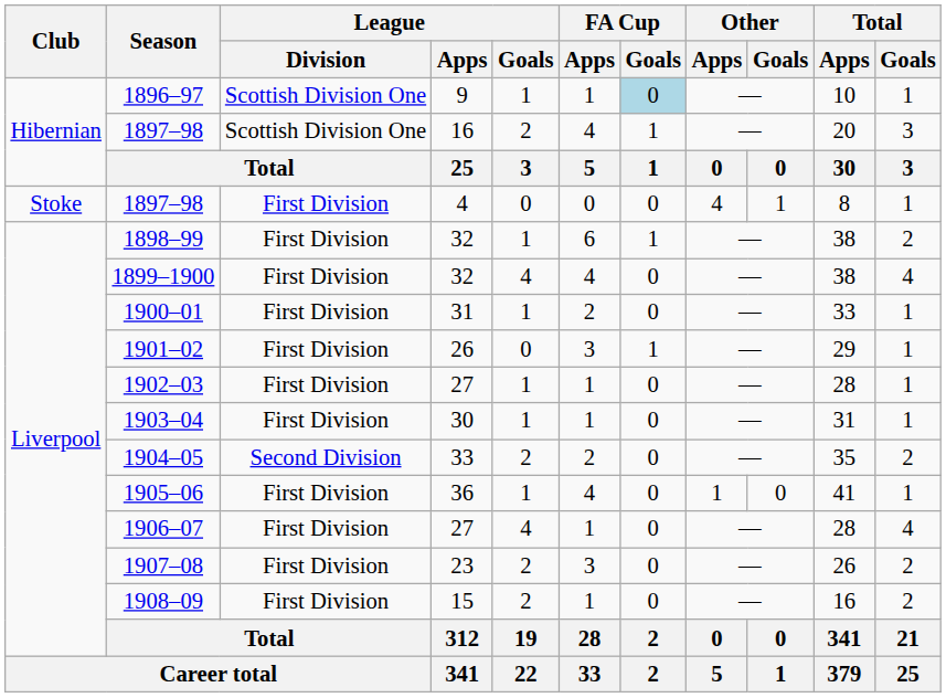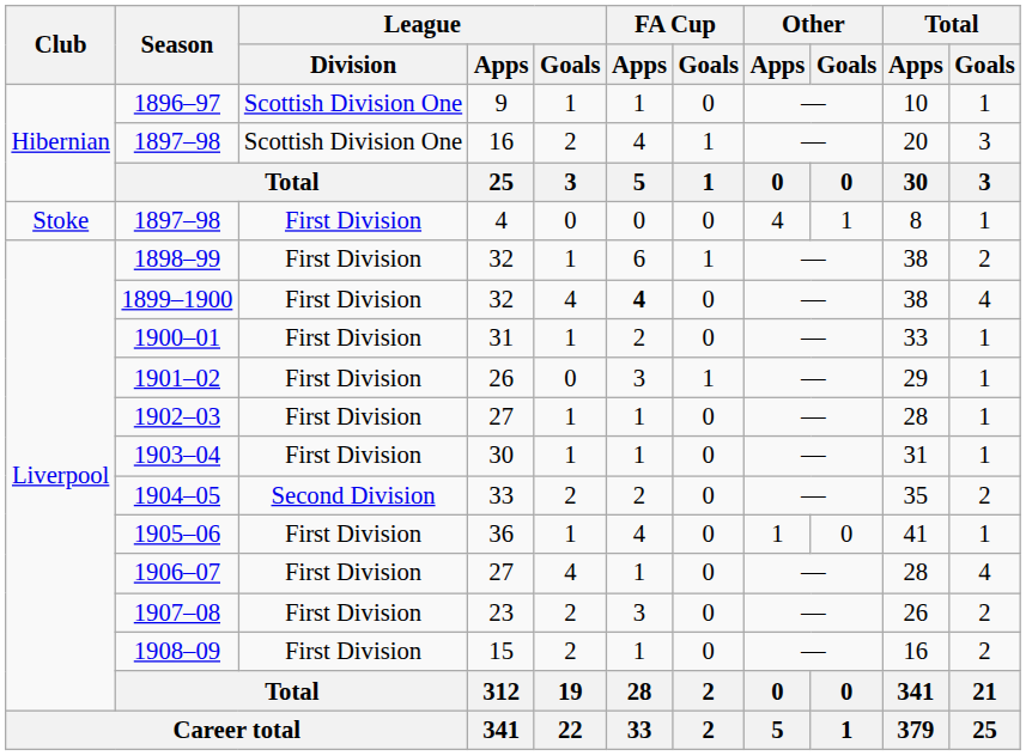 <table class="wikitable" style="text-align: center">
 <tr>
 <th rowspan="2">Club</th>
 <th rowspan="2">Season</th>
 <th colspan="3">League</th>
 <th colspan="2">FA Cup</th>
 <th colspan="2">Other</th>
 <th colspan="2">Total</th>
 </tr>
 <tr>
 <th>Division</th>
 <th>Apps</th>
 <th>Goals</th>
 <th>Apps</th>
 <th>Goals</th>
 <th>Apps</th>
 <th>Goals</th>
 <th>Apps</th>
 <th>Goals</th>
 </tr>
 <tr>
 <td rowspan="3"><a href='#'>Hibernian</a></td>
 <td><a href='#'>1896–97</a></td>
 <td><a href='#'>Scottish Division One</a></td>
 <td>9</td>
 <td>1</td>
 <td>1</td>
-<td style="background: lightblue;">0</td>
+<td>0</td>
 <td colspan="2">—</td>
 <td>10</td>
 <td>1</td>
 </tr>
 <tr>
 <td><a href='#'>1897–98</a></td>
 <td>Scottish Division One</td>
 <td>16</td>
 <td>2</td>
 <td>4</td>
 <td>1</td>
 <td colspan="2">—</td>
 <td>20</td>
 <td>3</td>
 </tr>
 <tr>
 <th colspan="2">Total</th>
 <th>25</th>
 <th>3</th>
 <th>5</th>
 <th>1</th>
 <th>0</th>
 <th>0</th>
 <th>30</th>
 <th>3</th>
 </tr>
 <tr>
 <td><a href='#'>Stoke</a></td>
 <td><a href='#'>1897–98</a></td>
 <td><a href='#'>First Division</a></td>
 <td>4</td>
 <td>0</td>
 <td>0</td>
 <td>0</td>
 <td>4</td>
 <td>1</td>
 <td>8</td>
 <td>1</td>
 </tr>
 <tr>
 <td rowspan="12"><a href='#'>Liverpool</a></td>
 <td><a href='#'>1898–99</a></td>
 <td>First Division</td>
 <td>32</td>
 <td>1</td>
 <td>6</td>
 <td>1</td>
 <td colspan="2">—</td>
 <td>38</td>
 <td>2</td>
 </tr>
 <tr>
 <td><a href='#'>1899–1900</a></td>
 <td>First Division</td>
 <td>32</td>
 <td>4</td>
-<td>4</td>
+<td><strong>4</strong></td>
 <td>0</td>
 <td colspan="2">—</td>
 <td>38</td>
 <td>4</td>
 </tr>
 <tr>
 <td><a href='#'>1900–01</a></td>
 <td>First Division</td>
 <td>31</td>
 <td>1</td>
 <td>2</td>
 <td>0</td>
 <td colspan="2">—</td>
 <td>33</td>
 <td>1</td>
 </tr>
 <tr>
 <td><a href='#'>1901–02</a></td>
 <td>First Division</td>
 <td>26</td>
 <td>0</td>
 <td>3</td>
 <td>1</td>
 <td colspan="2">—</td>
 <td>29</td>
 <td>1</td>
 </tr>
 <tr>
 <td><a href='#'>1902–03</a></td>
 <td>First Division</td>
 <td>27</td>
 <td>1</td>
 <td>1</td>
 <td>0</td>
 <td colspan="2">—</td>
 <td>28</td>
 <td>1</td>
 </tr>
 <tr>
 <td><a href='#'>1903–04</a></td>
 <td>First Division</td>
 <td>30</td>
 <td>1</td>
 <td>1</td>
 <td>0</td>
 <td colspan="2">—</td>
 <td>31</td>
 <td>1</td>
 </tr>
 <tr>
 <td><a href='#'>1904–05</a></td>
 <td><a href='#'>Second Division</a></td>
 <td>33</td>
 <td>2</td>
 <td>2</td>
 <td>0</td>
 <td colspan="2">—</td>
 <td>35</td>
 <td>2</td>
 </tr>
 <tr>
 <td><a href='#'>1905–06</a></td>
 <td>First Division</td>
 <td>36</td>
 <td>1</td>
 <td>4</td>
 <td>0</td>
 <td>1</td>
 <td>0</td>
 <td>41</td>
 <td>1</td>
 </tr>
 <tr>
 <td><a href='#'>1906–07</a></td>
 <td>First Division</td>
 <td>27</td>
 <td>4</td>
 <td>1</td>
 <td>0</td>
 <td colspan="2">—</td>
 <td>28</td>
 <td>4</td>
 </tr>
 <tr>
 <td><a href='#'>1907–08</a></td>
 <td>First Division</td>
 <td>23</td>
 <td>2</td>
 <td>3</td>
 <td>0</td>
 <td colspan="2">—</td>
 <td>26</td>
 <td>2</td>
 </tr>
 <tr>
 <td><a href='#'>1908–09</a></td>
 <td>First Division</td>
 <td>15</td>
 <td>2</td>
 <td>1</td>
 <td>0</td>
 <td colspan="2">—</td>
 <td>16</td>
 <td>2</td>
 </tr>
 <tr>
 <th colspan="2">Total</th>
 <th>312</th>
 <th>19</th>
 <th>28</th>
 <th>2</th>
 <th>0</th>
 <th>0</th>
 <th>341</th>
 <th>21</th>
 </tr>
 <tr>
 <th colspan="3">Career total</th>
 <th>341</th>
 <th>22</th>
 <th>33</th>
 <th>2</th>
 <th>5</th>
 <th>1</th>
 <th>379</th>
 <th>25</th>
 </tr>
 </table>
